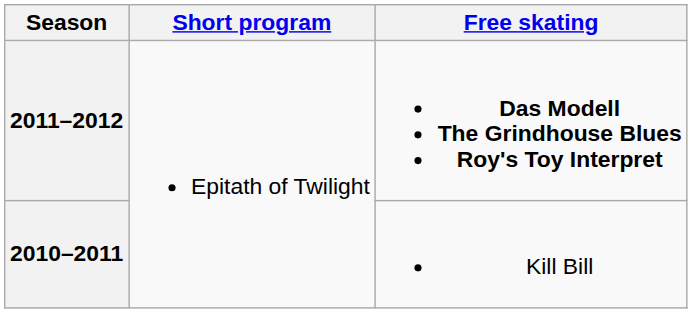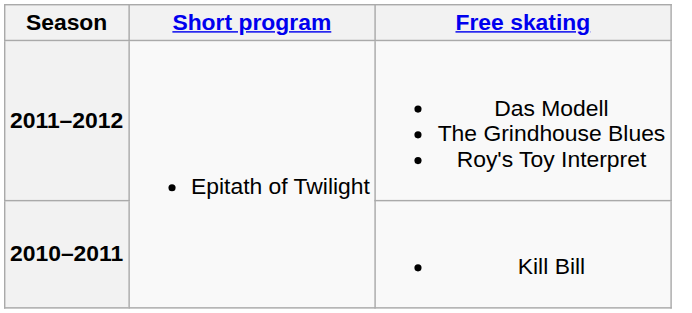 <table class=wikitable style=text-align:center>
 <tr>
 <th>Season</th>
 <th><a href='#'>Short program</a></th>
 <th><a href='#'>Free skating</a></th>
 </tr>
 <tr>
 <th>2011–2012 <br> </th>
 <td rowspan=2><br><ul><li>Epitath of Twilight</li></ul></td>
-<td><strong><br><ul><li>Das Modell <br></li><li>The Grindhouse Blues</li><li>Roy's Toy Interpret</li></ul></strong></td>
+<td><br><ul><li>Das Modell <br></li><li>The Grindhouse Blues</li><li>Roy's Toy Interpret</li></ul></td>
 </tr>
 <tr>
 <th>2010–2011 <br> </th>
 <td><br><ul><li>Kill Bill</li></ul></td>
 </tr>
 </table>
